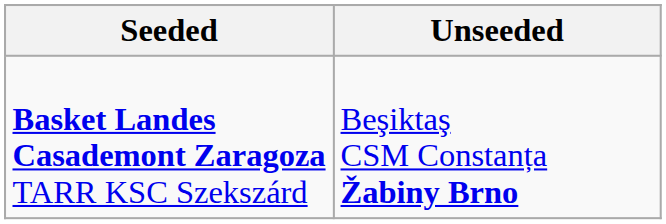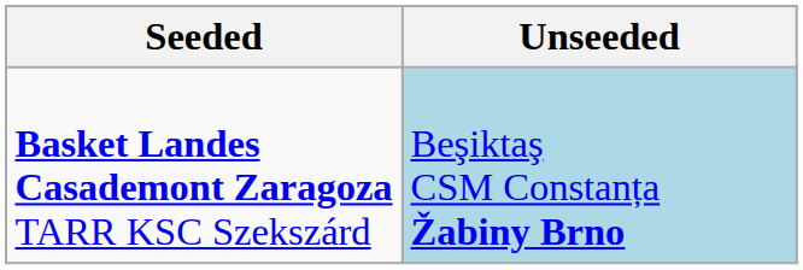 <table class="wikitable">
 <tr>
 <th width=50%>Seeded</th>
 <th width=50%>Unseeded</th>
 </tr>
 <tr>
 <td><br> <strong><a href='#'>Basket Landes</a></strong><br>  <strong><a href='#'>Casademont Zaragoza</a></strong><br>  <a href='#'>TARR KSC Szekszárd</a><br></td>
-<td><br> <a href='#'>Beşiktaş</a><br>  <a href='#'>CSM Constanța</a><br>  <strong><a href='#'>Žabiny Brno</a></strong><br></td>
+<td style="background: lightblue;"><br> <a href='#'>Beşiktaş</a><br>  <a href='#'>CSM Constanța</a><br>  <strong><a href='#'>Žabiny Brno</a></strong><br></td>
 </tr>
 </table>
